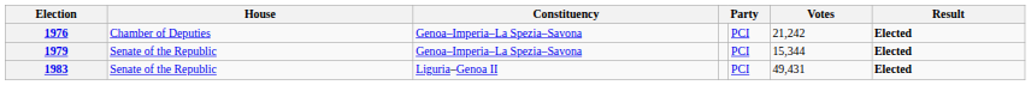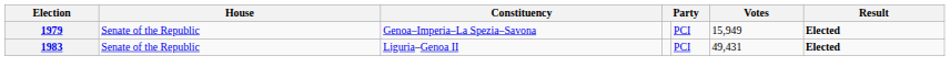 <table class=wikitable style="width:70%; border:1px #AAAAFF solid">
 <tr>
 <th width=10%>Election</th>
 <th width=30%>House</th>
 <th width=30%>Constituency</th>
 <th width=5% colspan="2">Party</th>
 <th width=10%>Votes</th>
 <th width=15%>Result</th>
 </tr>
 <tr>
-<th><a href='#'>1976</a></th>
-<td><a href='#'>Chamber of Deputies</a></td>
-<td><a href='#'>Genoa–Imperia–La Spezia–Savona</a></td>
-<td></td>
-<td><a href='#'>PCI</a></td>
-<td>21,242</td>
-<td> <strong>Elected</strong></td>
-</tr>
-<tr>
 <th><a href='#'>1979</a></th>
 <td><a href='#'>Senate of the Republic</a></td>
 <td><a href='#'>Genoa–Imperia–La Spezia–Savona</a></td>
 <td></td>
 <td><a href='#'>PCI</a></td>
-<td>15,344</td>
+<td>15,949</td>
 <td> <strong>Elected</strong></td>
 </tr>
 <tr>
 <th><a href='#'>1983</a></th>
 <td><a href='#'>Senate of the Republic</a></td>
 <td><a href='#'>Liguria</a>–<a href='#'>Genoa II</a></td>
 <td></td>
 <td><a href='#'>PCI</a></td>
 <td>49,431</td>
 <td> <strong>Elected</strong></td>
 </tr>
 </table>
